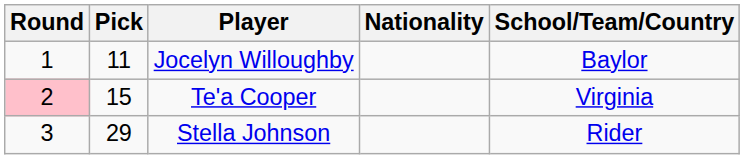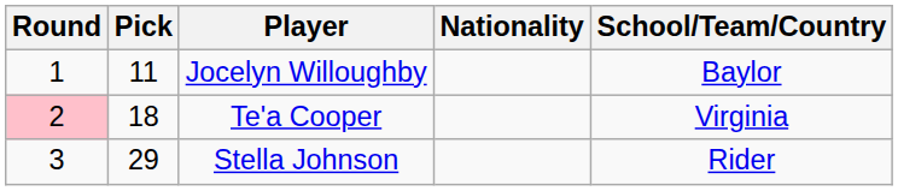 <table class="wikitable" style="text-align: center;">
 <tr>
 <th>Round</th>
 <th>Pick</th>
 <th>Player</th>
 <th>Nationality</th>
 <th>School/Team/Country</th>
 </tr>
 <tr>
 <td>1</td>
 <td>11</td>
 <td><a href='#'>Jocelyn Willoughby</a></td>
 <td></td>
 <td><a href='#'>Baylor</a></td>
 </tr>
 <tr>
 <td style="background: pink;">2</td>
-<td>15</td>
+<td>18</td>
 <td><a href='#'>Te'a Cooper</a></td>
 <td></td>
 <td><a href='#'>Virginia</a></td>
 </tr>
 <tr>
 <td>3</td>
 <td>29</td>
 <td><a href='#'>Stella Johnson</a></td>
 <td></td>
 <td><a href='#'>Rider</a></td>
 </tr>
 </table>
